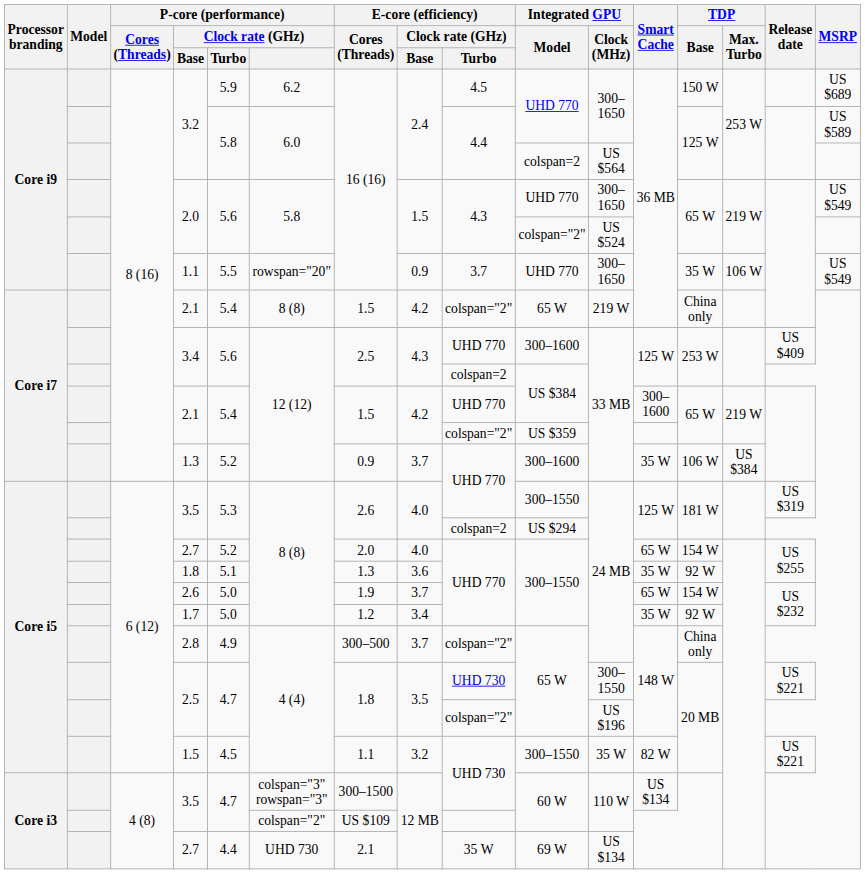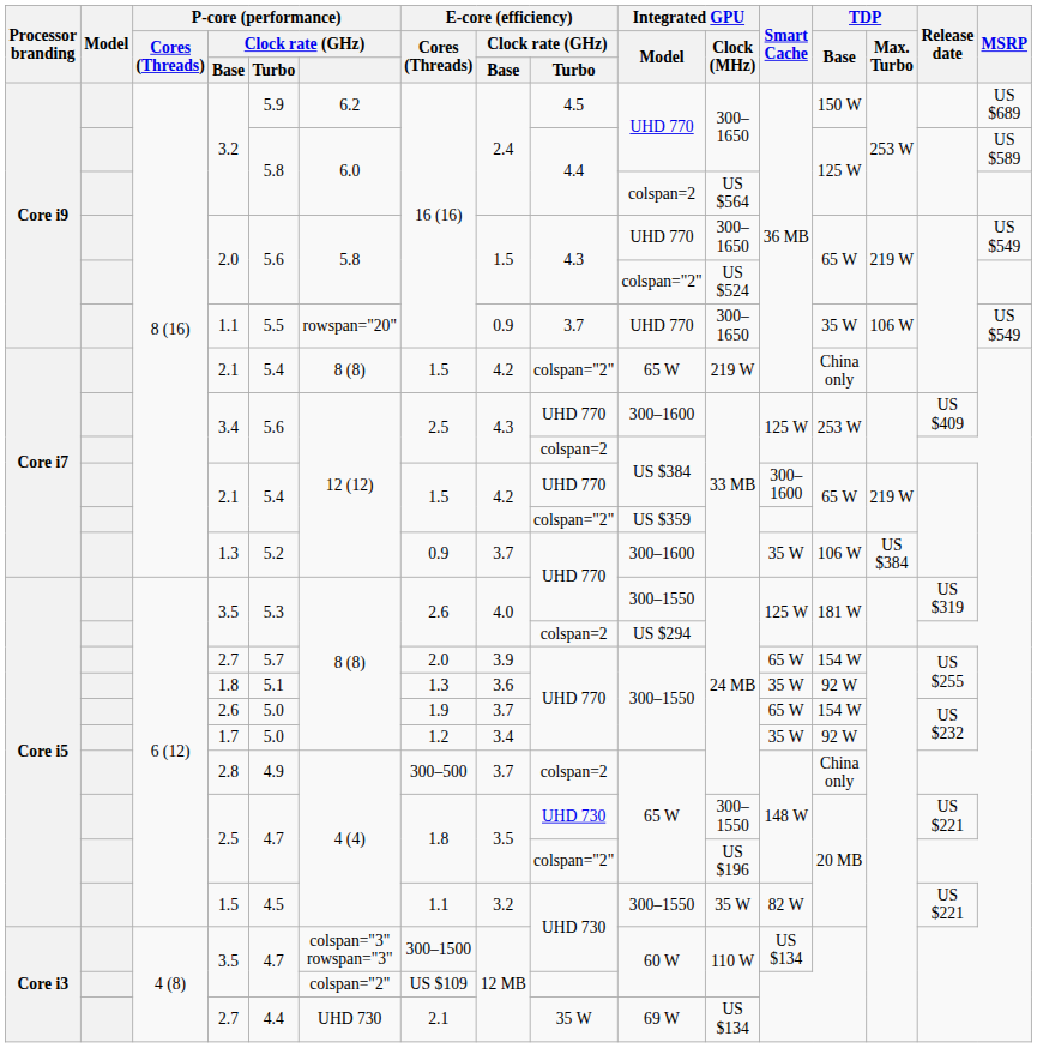 <table class="wikitable sortable nowrap" style="text-align: center;">
 <tr>
 <th class="unsortable" rowspan="3">Processor<br>branding</th>
 <th rowspan="3">Model</th>
 <th colspan="4">P-core (performance)</th>
 <th colspan="3">E-core (efficiency)</th>
 <th colspan="2">Integrated <a href='#'>GPU</a></th>
 <th class="unsortable" rowspan="3"><a href='#'>Smart<br>Cache</a></th>
 <th colspan="2"><a href='#'>TDP</a></th>
 <th rowspan="3">Release<br>date</th>
 <th class="unsortable" rowspan="3"><a href='#'>MSRP</a></th>
 </tr>
 <tr>
 <th class="unsortable" rowspan="2"><a href='#'>Cores</a><br>(<a href='#'>Threads</a>)</th>
 <th colspan="3"><a href='#'>Clock rate</a> (GHz)</th>
 <th class="unsortable" rowspan="2">Cores<br>(Threads)</th>
 <th colspan="2">Clock rate (GHz)</th>
 <th class="unsortable" rowspan="2">Model</th>
 <th class="unsortable" rowspan="2">Clock (MHz)</th>
 <th rowspan="2">Base</th>
 <th class="unsortable" rowspan="2">Max.<br>Turbo</th>
 </tr>
 <tr>
 <th class="unsortable">Base</th>
 <th class="unsortable">Turbo</th>
 <th class="unsortable"></th>
 <th class="unsortable">Base</th>
 <th class="unsortable">Turbo</th>
 </tr>
 <tr>
 <th rowspan="6">Core i9</th>
 <th style="text-align:left;" data-sort-value="sku25"></th>
 <td rowspan="12">8 (16)</td>
 <td rowspan="3">3.2</td>
 <td>5.9</td>
 <td>6.2</td>
 <td rowspan="6">16 (16)</td>
 <td rowspan="3">2.4</td>
 <td>4.5</td>
 <td rowspan="2"><a href='#'>UHD 770</a></td>
 <td rowspan="2">300–1650</td>
 <td rowspan="7">36 MB</td>
 <td>150 W</td>
 <td rowspan="3">253 W</td>
 <td></td>
 <td>US $689</td>
 </tr>
 <tr>
 <th style="text-align:left;" data-sort-value="sku24"></th>
 <td rowspan="2">5.8</td>
 <td rowspan="2">6.0</td>
 <td rowspan="2">4.4</td>
 <td rowspan="2">125 W</td>
 <td rowspan="2"></td>
 <td>US $589</td>
 </tr>
 <tr>
 <th style="text-align:left;" data-sort-value="sku23"></th>
 <td>colspan=2 </td>
 <td>US $564</td>
 </tr>
 <tr>
 <th style="text-align:left;" data-sort-value="sku22"></th>
 <td rowspan="2">2.0</td>
 <td rowspan="2">5.6</td>
 <td rowspan="2">5.8</td>
 <td rowspan="2">1.5</td>
 <td rowspan="2">4.3</td>
 <td>UHD 770</td>
 <td>300–1650</td>
 <td rowspan="2">65 W</td>
 <td rowspan="2">219 W</td>
 <td rowspan="4"></td>
 <td>US $549</td>
 </tr>
 <tr>
 <th style="text-align:left;" data-sort-value="sku21"></th>
 <td>colspan="2" </td>
 <td>US $524</td>
 </tr>
 <tr>
 <th style="text-align:left;" data-sort-value="sku20"></th>
 <td>1.1</td>
 <td>5.5</td>
 <td>rowspan="20" </td>
 <td>0.9</td>
 <td>3.7</td>
 <td>UHD 770</td>
 <td>300–1650</td>
 <td>35 W</td>
 <td>106 W</td>
 <td>US $549</td>
 </tr>
 <tr>
 <th rowspan="6">Core i7</th>
 <th style="text-align:left;" data-sort-value="sku19"></th>
 <td>2.1</td>
 <td>5.4</td>
 <td>8 (8)</td>
 <td>1.5</td>
 <td>4.2</td>
 <td>colspan="2" </td>
 <td>65 W</td>
 <td>219 W</td>
 <td>China only</td>
 </tr>
 <tr>
 <th style="text-align:left;" data-sort-value="sku18"></th>
 <td rowspan="2">3.4</td>
 <td rowspan="2">5.6</td>
 <td rowspan="5">12 (12)</td>
 <td rowspan="2">2.5</td>
 <td rowspan="2">4.3</td>
 <td>UHD 770</td>
 <td>300–1600</td>
 <td rowspan="5">33 MB</td>
 <td rowspan="2">125 W</td>
 <td rowspan="2">253 W</td>
 <td rowspan="2"></td>
 <td>US $409</td>
 </tr>
 <tr>
 <th style="text-align:left;" data-sort-value="sku17"></th>
 <td>colspan=2 </td>
 <td rowspan="2">US $384</td>
 </tr>
 <tr>
 <th style="text-align:left;" data-sort-value="sku16"></th>
 <td rowspan="2">2.1</td>
 <td rowspan="2">5.4</td>
 <td rowspan="2">1.5</td>
 <td rowspan="2">4.2</td>
 <td>UHD 770</td>
 <td>300–1600</td>
 <td rowspan="2">65 W</td>
 <td rowspan="2">219 W</td>
 <td rowspan="3"></td>
 </tr>
 <tr>
 <th style="text-align:left;" data-sort-value="sku15"></th>
 <td>colspan="2" </td>
 <td>US $359</td>
 </tr>
 <tr>
 <th style="text-align:left;" data-sort-value="sku14"></th>
 <td>1.3</td>
 <td>5.2</td>
 <td>0.9</td>
 <td>3.7</td>
 <td rowspan="2">UHD 770</td>
 <td>300–1600</td>
 <td>35 W</td>
 <td>106 W</td>
 <td>US $384</td>
 </tr>
 <tr>
 <th rowspan="10">Core i5</th>
 <th style="text-align:left;" data-sort-value="sku13"></th>
 <td rowspan="10">6 (12)</td>
 <td rowspan="2">3.5</td>
 <td rowspan="2">5.3</td>
 <td rowspan="6">8 (8)</td>
 <td rowspan="2">2.6</td>
 <td rowspan="2">4.0</td>
 <td>300–1550</td>
 <td rowspan="7">24 MB</td>
 <td rowspan="2">125 W</td>
 <td rowspan="2">181 W</td>
 <td rowspan="2"></td>
 <td>US $319</td>
 </tr>
 <tr>
 <th style="text-align:left;" data-sort-value="sku12"></th>
 <td>colspan=2 </td>
 <td>US $294</td>
 </tr>
 <tr>
 <th style="text-align:left;" data-sort-value="sku11"></th>
 <td>2.7</td>
-<td>5.2</td>
+<td>5.7</td>
 <td>2.0</td>
-<td>4.0</td>
+<td>3.9</td>
 <td rowspan="4">UHD 770</td>
 <td rowspan="4">300–1550</td>
 <td>65 W</td>
 <td>154 W</td>
 <td rowspan="11"></td>
 <td rowspan="2">US $255</td>
 </tr>
 <tr>
 <th style="text-align:left;" data-sort-value="sku10"></th>
 <td>1.8</td>
 <td>5.1</td>
 <td>1.3</td>
 <td>3.6</td>
 <td>35 W</td>
 <td>92 W</td>
 </tr>
 <tr>
 <th style="text-align:left;" data-sort-value="sku9"></th>
 <td>2.6</td>
 <td>5.0</td>
 <td>1.9</td>
 <td>3.7</td>
 <td>65 W</td>
 <td>154 W</td>
 <td rowspan=2>US $232</td>
 </tr>
 <tr>
 <th style="text-align:left;" data-sort-value="sku8"></th>
 <td>1.7</td>
 <td>5.0</td>
 <td>1.2</td>
 <td>3.4</td>
 <td>35 W</td>
 <td>92 W</td>
 </tr>
 <tr>
 <th style="text-align:left;" data-sort-value="sku7"></th>
 <td>2.8</td>
 <td>4.9</td>
 <td rowspan="4">4 (4)</td>
 <td>300–500</td>
 <td>3.7</td>
-<td>colspan="2" </td>
+<td>colspan=2 </td>
 <td rowspan="3">65 W</td>
 <td rowspan="3">148 W</td>
 <td>China only</td>
 </tr>
 <tr>
 <th style="text-align:left;" data-sort-value="sku6"></th>
 <td rowspan="2">2.5</td>
 <td rowspan="2">4.7</td>
 <td rowspan="2">1.8</td>
 <td rowspan="2">3.5</td>
 <td><a href='#'>UHD 730</a></td>
 <td>300–1550</td>
 <td rowspan="3">20 MB</td>
 <td>US $221</td>
 </tr>
 <tr>
 <th style="text-align:left;" data-sort-value="sku5"></th>
 <td>colspan="2" </td>
 <td>US $196</td>
 </tr>
 <tr>
 <th style="text-align:left;" data-sort-value="sku4"></th>
 <td>1.5</td>
 <td>4.5</td>
 <td>1.1</td>
 <td>3.2</td>
 <td rowspan="2">UHD 730</td>
 <td>300–1550</td>
 <td>35 W</td>
 <td>82 W</td>
 <td>US $221</td>
 </tr>
 <tr>
 <th rowspan="3">Core i3</th>
 <th style="text-align:left;" data-sort-value="sku3"></th>
 <td rowspan="3">4 (8)</td>
 <td rowspan="2">3.5</td>
 <td rowspan="2">4.7</td>
 <td>colspan="3" rowspan="3" </td>
 <td>300–1500</td>
 <td rowspan="3">12 MB</td>
 <td rowspan="2">60 W</td>
 <td rowspan="2">110 W</td>
 <td>US $134</td>
 </tr>
 <tr>
 <th style="text-align:left;" data-sort-value="sku2"></th>
 <td>colspan="2" </td>
 <td>US $109</td>
 </tr>
 <tr>
 <th style="text-align:left;" data-sort-value="sku1"></th>
 <td>2.7</td>
 <td>4.4</td>
 <td>UHD 730</td>
 <td>2.1</td>
 <td>35 W</td>
 <td>69 W</td>
 <td>US $134</td>
 </tr>
 </table>
